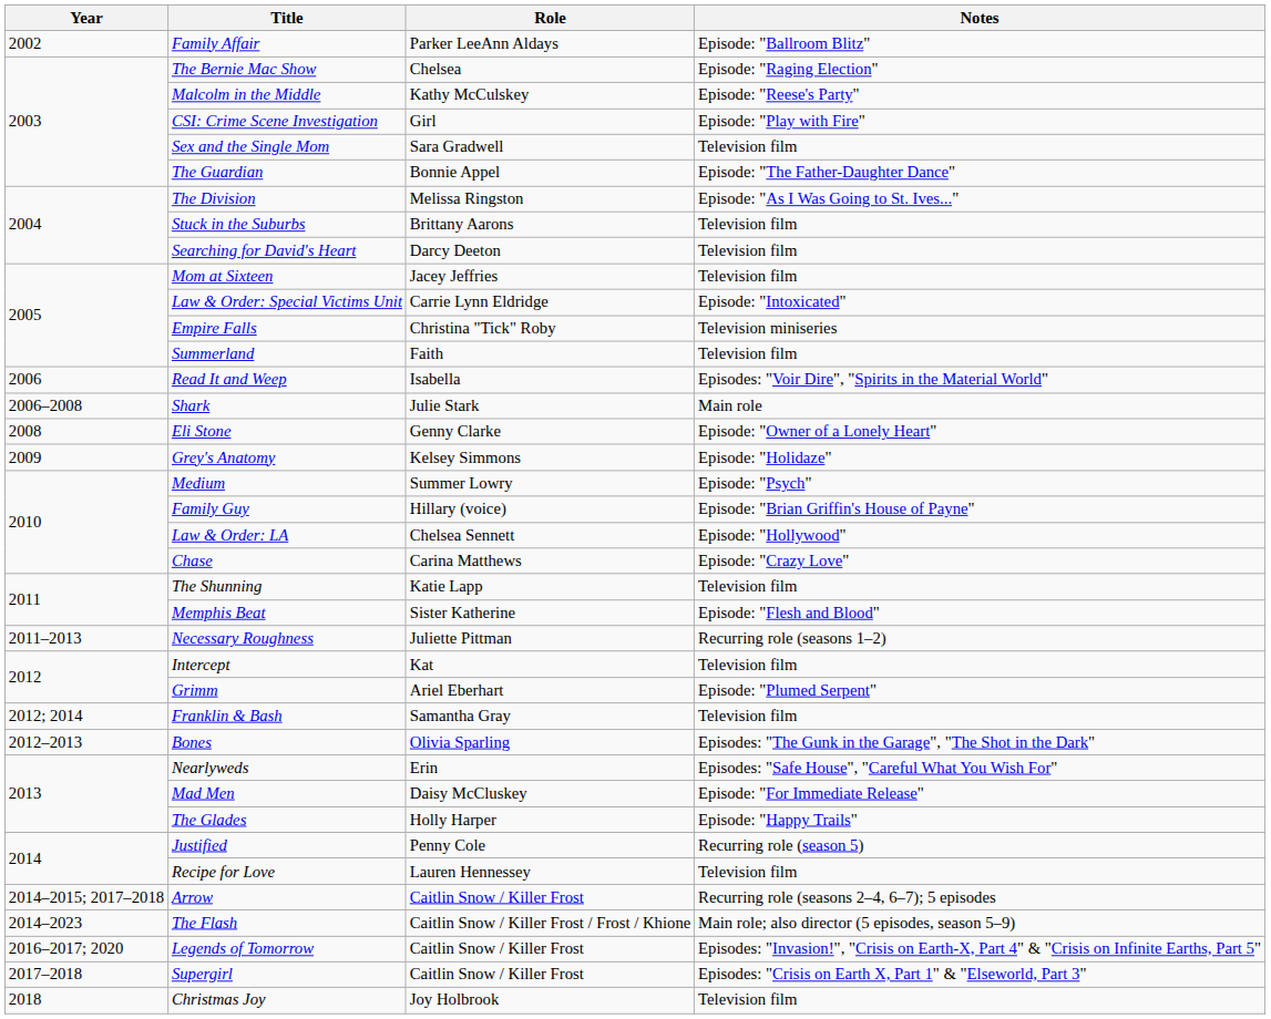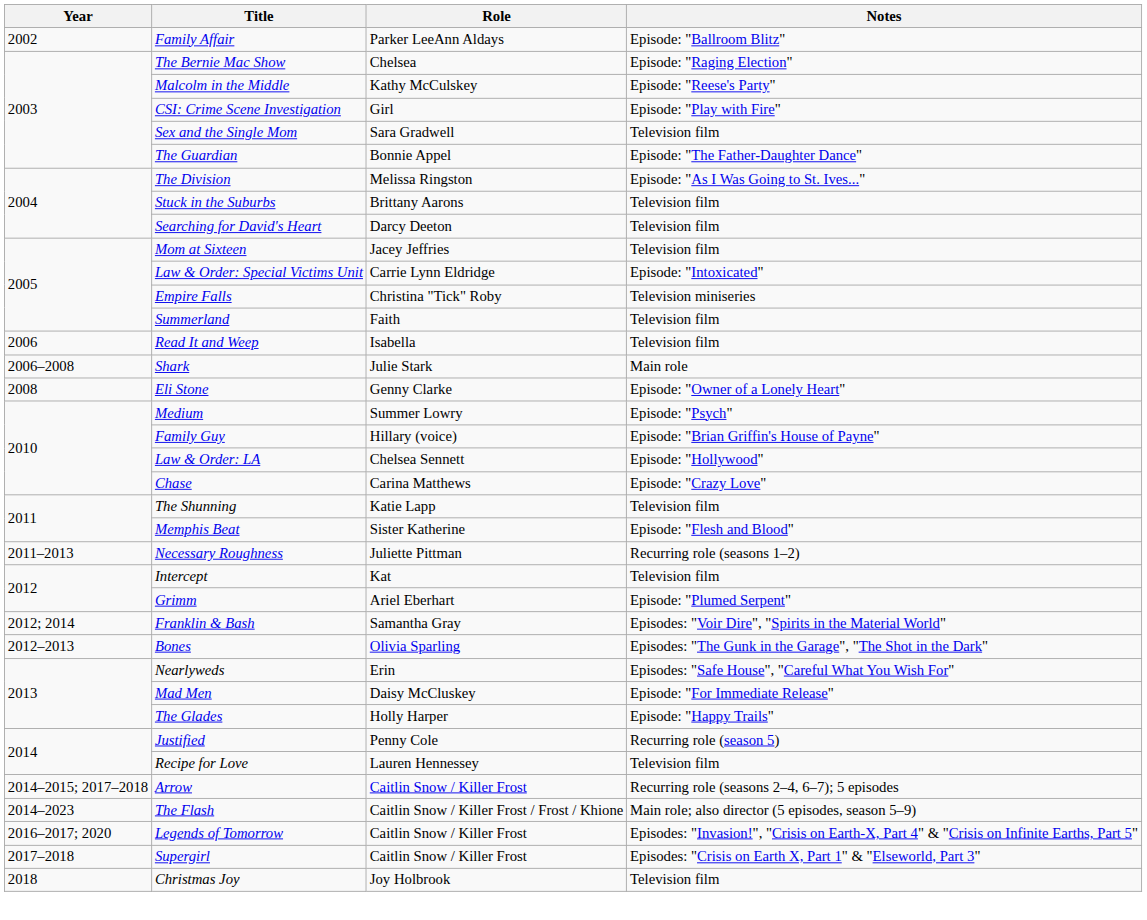 <table class="wikitable sortable">
 <tr>
 <th>Year</th>
 <th>Title</th>
 <th>Role</th>
 <th class="unsortable">Notes</th>
 </tr>
 <tr>
 <td>2002</td>
 <td><em><a href='#'>Family Affair</a></em></td>
 <td>Parker LeeAnn Aldays</td>
 <td>Episode: "<a href='#'>Ballroom Blitz</a>"</td>
 </tr>
 <tr>
 <td rowspan="5">2003</td>
 <td data-sort-value="Bernie Mac Show, The"><em><a href='#'>The Bernie Mac Show</a></em></td>
 <td>Chelsea</td>
 <td>Episode: "<a href='#'>Raging Election</a>"</td>
 </tr>
 <tr>
 <td><em><a href='#'>Malcolm in the Middle</a></em></td>
 <td>Kathy McCulskey</td>
 <td>Episode: "<a href='#'>Reese's Party</a>"</td>
 </tr>
 <tr>
 <td><em><a href='#'>CSI: Crime Scene Investigation</a></em></td>
 <td>Girl</td>
 <td>Episode: "<a href='#'>Play with Fire</a>"</td>
 </tr>
 <tr>
 <td><em><a href='#'>Sex and the Single Mom</a></em></td>
 <td>Sara Gradwell</td>
 <td>Television film</td>
 </tr>
 <tr>
 <td data-sort-value="Guardian, The"><em><a href='#'>The Guardian</a></em></td>
 <td>Bonnie Appel</td>
 <td>Episode: "<a href='#'>The Father-Daughter Dance</a>"</td>
 </tr>
 <tr>
 <td rowspan="3">2004</td>
 <td data-sort-value="Division, The"><em><a href='#'>The Division</a></em></td>
 <td>Melissa Ringston</td>
 <td>Episode: "<a href='#'>As I Was Going to St. Ives...</a>"</td>
 </tr>
 <tr>
 <td><em><a href='#'>Stuck in the Suburbs</a></em></td>
 <td>Brittany Aarons</td>
 <td>Television film</td>
 </tr>
 <tr>
 <td><em><a href='#'>Searching for David's Heart</a></em></td>
 <td>Darcy Deeton</td>
 <td>Television film</td>
 </tr>
 <tr>
 <td rowspan="4">2005</td>
 <td><em><a href='#'>Mom at Sixteen</a></em></td>
 <td>Jacey Jeffries</td>
 <td>Television film</td>
 </tr>
 <tr>
 <td><em><a href='#'>Law & Order: Special Victims Unit</a></em></td>
 <td>Carrie Lynn Eldridge</td>
 <td>Episode: "<a href='#'>Intoxicated</a>"</td>
 </tr>
 <tr>
 <td><em><a href='#'>Empire Falls</a></em></td>
 <td>Christina "Tick" Roby</td>
 <td>Television miniseries</td>
 </tr>
 <tr>
 <td><em><a href='#'>Summerland</a></em></td>
 <td>Faith</td>
 <td>Television film</td>
 </tr>
 <tr>
 <td>2006</td>
 <td><em><a href='#'>Read It and Weep</a></em></td>
 <td>Isabella</td>
-<td>Episodes: "<a href='#'>Voir Dire</a>", "<a href='#'>Spirits in the Material World</a>"</td>
+<td>Television film</td>
 </tr>
 <tr>
 <td>2006–2008</td>
 <td><em><a href='#'>Shark</a></em></td>
 <td>Julie Stark</td>
 <td>Main role</td>
 </tr>
 <tr>
 <td>2008</td>
 <td><em><a href='#'>Eli Stone</a></em></td>
 <td>Genny Clarke</td>
 <td>Episode: "<a href='#'>Owner of a Lonely Heart</a>"</td>
-</tr>
-<tr>
-<td>2009</td>
-<td><em><a href='#'>Grey's Anatomy</a></em></td>
-<td>Kelsey Simmons</td>
-<td>Episode: "<a href='#'>Holidaze</a>"</td>
 </tr>
 <tr>
 <td rowspan="4">2010</td>
 <td><em><a href='#'>Medium</a></em></td>
 <td>Summer Lowry</td>
 <td>Episode: "<a href='#'>Psych</a>"</td>
 </tr>
 <tr>
 <td><em><a href='#'>Family Guy</a></em></td>
 <td>Hillary (voice)</td>
 <td>Episode: "<a href='#'>Brian Griffin's House of Payne</a>"</td>
 </tr>
 <tr>
 <td><em><a href='#'>Law & Order: LA</a></em></td>
 <td>Chelsea Sennett</td>
 <td>Episode: "<a href='#'>Hollywood</a>"</td>
 </tr>
 <tr>
 <td><em><a href='#'>Chase</a></em></td>
 <td>Carina Matthews</td>
 <td>Episode: "<a href='#'>Crazy Love</a>"</td>
 </tr>
 <tr>
 <td rowspan="2">2011</td>
 <td data-sort-value="Shunning, The"><em>The Shunning</em></td>
 <td>Katie Lapp</td>
 <td>Television film</td>
 </tr>
 <tr>
 <td><em><a href='#'>Memphis Beat</a></em></td>
 <td>Sister Katherine</td>
 <td>Episode: "<a href='#'>Flesh and Blood</a>"</td>
 </tr>
 <tr>
 <td>2011–2013</td>
 <td><em><a href='#'>Necessary Roughness</a></em></td>
 <td>Juliette Pittman</td>
 <td>Recurring role (seasons 1–2)</td>
 </tr>
 <tr>
 <td rowspan="2">2012</td>
 <td><em>Intercept</em></td>
 <td>Kat</td>
 <td>Television film</td>
 </tr>
 <tr>
 <td><em><a href='#'>Grimm</a></em></td>
 <td>Ariel Eberhart</td>
 <td>Episode: "<a href='#'>Plumed Serpent</a>"</td>
 </tr>
 <tr>
 <td>2012; 2014</td>
 <td><em><a href='#'>Franklin & Bash</a></em></td>
 <td>Samantha Gray</td>
-<td>Television film</td>
+<td>Episodes: "<a href='#'>Voir Dire</a>", "<a href='#'>Spirits in the Material World</a>"</td>
 </tr>
 <tr>
 <td>2012–2013</td>
 <td><em><a href='#'>Bones</a></em></td>
 <td><a href='#'>Olivia Sparling</a></td>
 <td>Episodes: "<a href='#'>The Gunk in the Garage</a>", "<a href='#'>The Shot in the Dark</a>"</td>
 </tr>
 <tr>
 <td rowspan="3">2013</td>
 <td><em>Nearlyweds</em></td>
 <td>Erin</td>
 <td>Episodes: "<a href='#'>Safe House</a>", "<a href='#'>Careful What You Wish For</a>"</td>
 </tr>
 <tr>
 <td><em><a href='#'>Mad Men</a></em></td>
 <td>Daisy McCluskey</td>
 <td>Episode: "<a href='#'>For Immediate Release</a>"</td>
 </tr>
 <tr>
 <td data-sort-value="Glades, The"><em><a href='#'>The Glades</a></em></td>
 <td>Holly Harper</td>
 <td>Episode: "<a href='#'>Happy Trails</a>"</td>
 </tr>
 <tr>
 <td rowspan="2">2014</td>
 <td><em><a href='#'>Justified</a></em></td>
 <td>Penny Cole</td>
 <td>Recurring role (<a href='#'>season 5</a>)</td>
 </tr>
 <tr>
 <td><em>Recipe for Love</em></td>
 <td>Lauren Hennessey</td>
 <td>Television film</td>
 </tr>
 <tr>
 <td>2014–2015; 2017–2018</td>
 <td><em><a href='#'>Arrow</a></em></td>
 <td><a href='#'>Caitlin Snow / Killer Frost</a></td>
 <td>Recurring role (seasons 2–4, 6–7); 5 episodes</td>
 </tr>
 <tr>
 <td>2014–2023</td>
 <td data-sort-value="Flash, The"><em><a href='#'>The Flash</a></em></td>
 <td>Caitlin Snow / Killer Frost / Frost / Khione</td>
 <td>Main role; also director (5 episodes, season 5–9)</td>
 </tr>
 <tr>
 <td>2016–2017; 2020</td>
 <td><em><a href='#'>Legends of Tomorrow</a></em></td>
 <td>Caitlin Snow / Killer Frost</td>
 <td>Episodes: "<a href='#'>Invasion!</a>", "<a href='#'>Crisis on Earth-X, Part 4</a>" & "<a href='#'>Crisis on Infinite Earths, Part 5</a>"</td>
 </tr>
 <tr>
 <td>2017–2018</td>
 <td><em><a href='#'>Supergirl</a></em></td>
 <td>Caitlin Snow / Killer Frost</td>
 <td>Episodes: "<a href='#'>Crisis on Earth X, Part 1</a>" & "<a href='#'>Elseworld, Part 3</a>"</td>
 </tr>
 <tr>
 <td>2018</td>
 <td><em>Christmas Joy</em></td>
 <td>Joy Holbrook</td>
 <td>Television film</td>
 </tr>
 </table>
